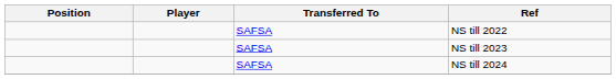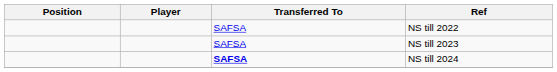 <table class="wikitable sortable" style="width:70%; text-align:center; font-size:100%; text-align:left;">
 <tr>
 <th><strong>Position</strong></th>
 <th><strong>Player</strong></th>
 <th><strong>Transferred To</strong></th>
 <th><strong>Ref</strong></th>
 </tr>
 <tr>
 <td></td>
 <td></td>
 <td> <a href='#'>SAFSA</a></td>
 <td>NS till 2022</td>
 </tr>
 <tr>
 <td></td>
 <td></td>
 <td> <a href='#'>SAFSA</a></td>
 <td>NS till 2023 </td>
 </tr>
 <tr>
 <td></td>
 <td></td>
-<td> <a href='#'>SAFSA</a></td>
+<td><strong> <a href='#'>SAFSA</a></strong></td>
 <td>NS till 2024</td>
 </tr>
 <tr>
 </tr>
 </table>
